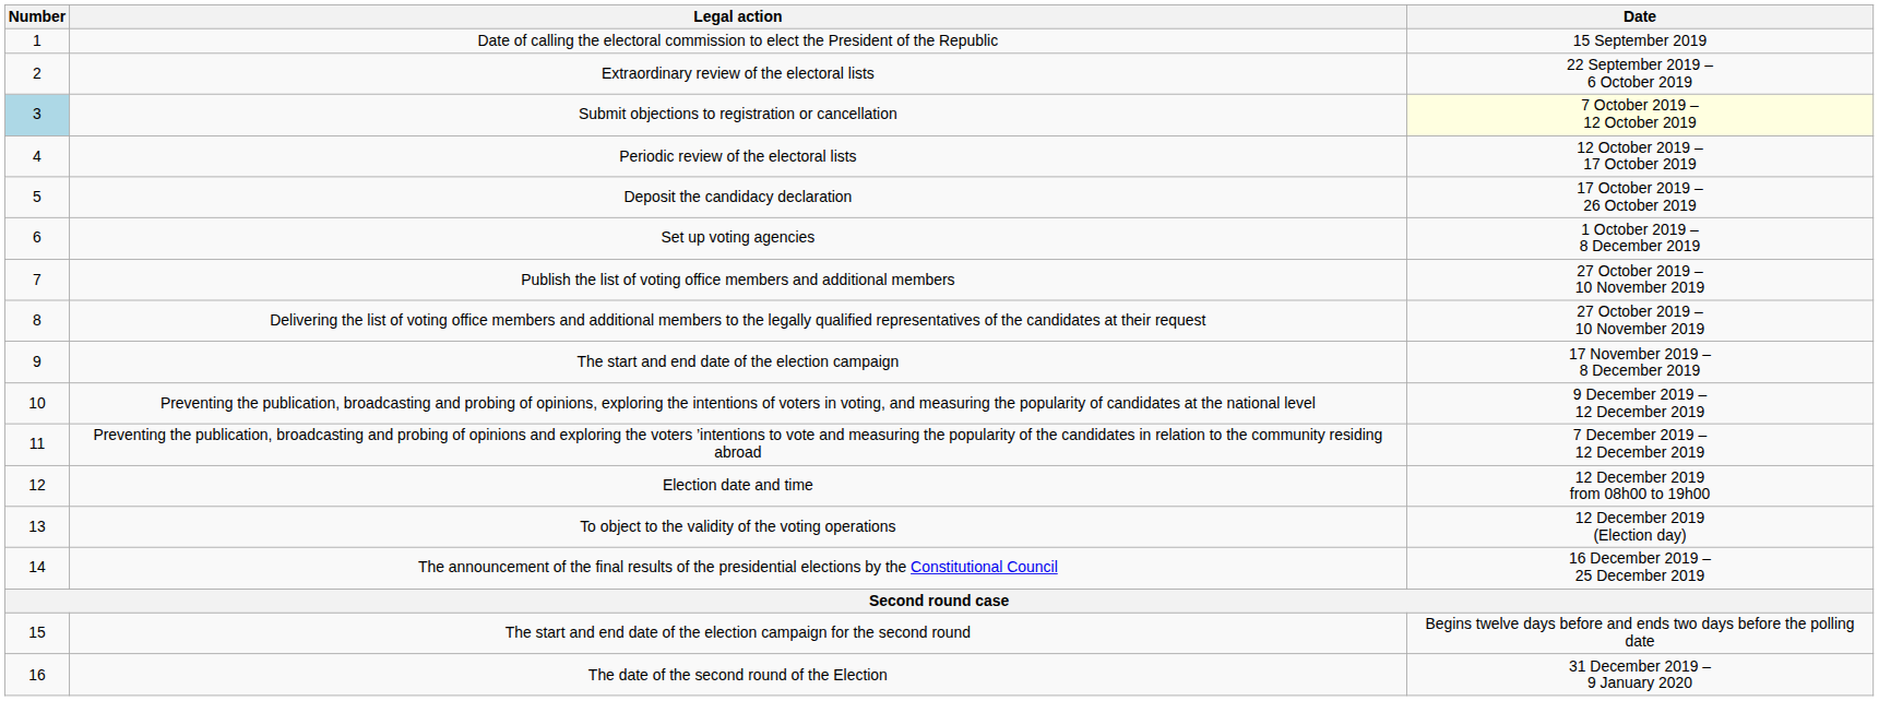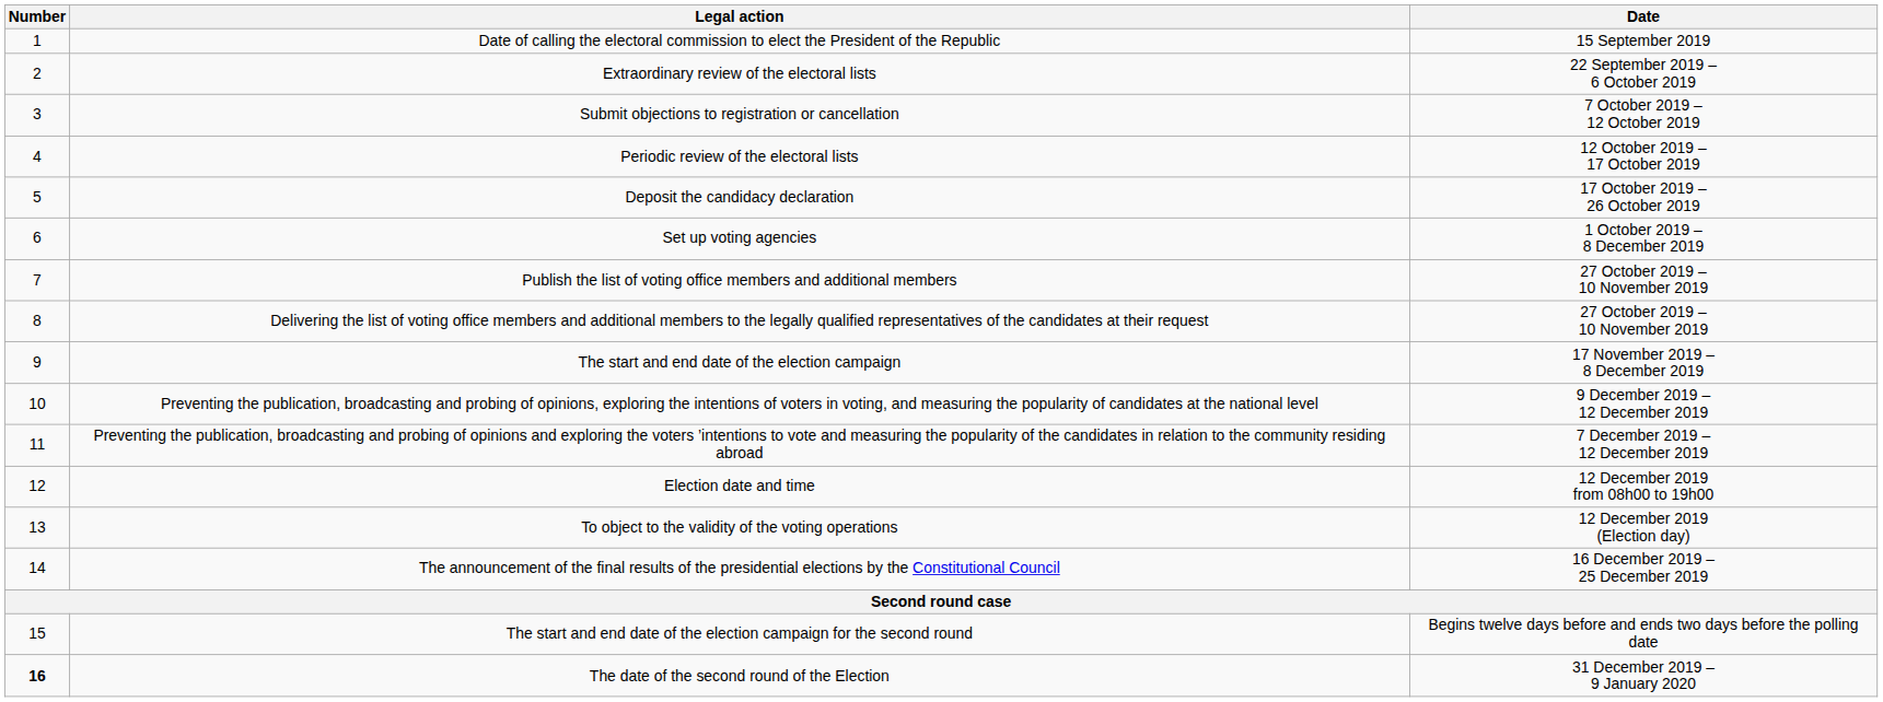 <table class="wikitable" style="text-align:center">
 <tr>
 <th>Number</th>
 <th>Legal action</th>
 <th>Date</th>
 </tr>
 <tr>
 <td>1</td>
 <td>Date of calling the electoral commission to elect the President of the Republic</td>
 <td>15 September 2019</td>
 </tr>
 <tr>
 <td>2</td>
 <td>Extraordinary review of the electoral lists</td>
 <td>22 September 2019 –<br>6 October 2019</td>
 </tr>
 <tr>
-<td style="background: lightblue;">3</td>
+<td>3</td>
 <td>Submit objections to registration or cancellation</td>
-<td style="background: lightyellow;">7 October 2019 – <br>12 October 2019</td>
+<td>7 October 2019 – <br>12 October 2019</td>
 </tr>
 <tr>
 <td>4</td>
 <td>Periodic review of the electoral lists</td>
 <td>12 October 2019 – <br>17 October 2019</td>
 </tr>
 <tr>
 <td>5</td>
 <td>Deposit the candidacy declaration</td>
 <td>17 October 2019 – <br>26 October 2019</td>
 </tr>
 <tr>
 <td>6</td>
 <td>Set up voting agencies</td>
 <td>1 October 2019 –<br>8 December 2019</td>
 </tr>
 <tr>
 <td>7</td>
 <td>Publish the list of voting office members and additional members</td>
 <td>27 October 2019 –<br>10 November 2019</td>
 </tr>
 <tr>
 <td>8</td>
 <td>Delivering the list of voting office members and additional members to the legally qualified representatives of the candidates at their request</td>
 <td>27 October 2019 –<br>10 November 2019</td>
 </tr>
 <tr>
 <td>9</td>
 <td>The start and end date of the election campaign</td>
 <td>17 November 2019 –<br>8 December 2019</td>
 </tr>
 <tr>
 <td>10</td>
 <td>Preventing the publication, broadcasting and probing of opinions, exploring the intentions of voters in voting, and measuring the popularity of candidates at the national level</td>
 <td>9 December 2019 –<br>12 December 2019</td>
 </tr>
 <tr>
 <td>11</td>
 <td>Preventing the publication, broadcasting and probing of opinions and exploring the voters ’intentions to vote and measuring the popularity of the candidates in relation to the community residing abroad</td>
 <td>7 December 2019 –<br>12 December 2019</td>
 </tr>
 <tr>
 <td>12</td>
 <td>Election date and time</td>
 <td>12 December 2019<br>from 08h00 to 19h00</td>
 </tr>
 <tr>
 <td>13</td>
 <td>To object to the validity of the voting operations</td>
 <td>12 December 2019<br>(Election day)</td>
 </tr>
 <tr>
 <td>14</td>
 <td>The announcement of the final results of the presidential elections by the <a href='#'>Constitutional Council</a></td>
 <td>16 December 2019 –<br>25 December 2019</td>
 </tr>
 <tr>
 <th colspan="3">Second round case</th>
 </tr>
 <tr>
 <td>15</td>
 <td>The start and end date of the election campaign for the second round</td>
 <td>Begins twelve days before and ends two days before the polling date</td>
 </tr>
 <tr>
-<td>16</td>
+<td><strong>16</strong></td>
 <td>The date of the second round of the Election</td>
 <td>31 December 2019 –<br>9 January 2020</td>
 </tr>
 </table>
